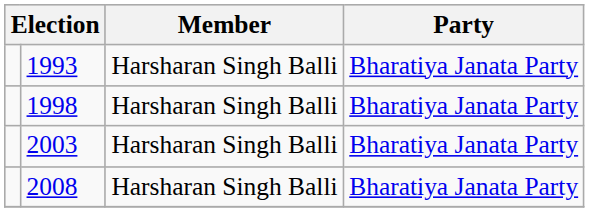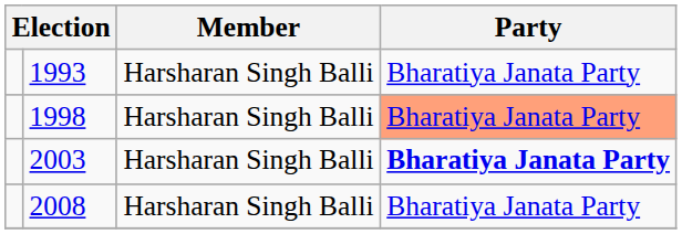 <table class="wikitable">
 <tr>
 <th colspan=2>Election</th>
 <th>Member</th>
 <th>Party</th>
 </tr>
 <tr>
 <td style="background-color: "></td>
 <td><a href='#'>1993</a></td>
 <td>Harsharan Singh Balli</td>
 <td><a href='#'>Bharatiya Janata Party</a></td>
 </tr>
 <tr>
 <td style="background-color: "></td>
 <td><a href='#'>1998</a></td>
 <td>Harsharan Singh Balli</td>
-<td><a href='#'>Bharatiya Janata Party</a></td>
+<td style="background: lightsalmon;"><a href='#'>Bharatiya Janata Party</a></td>
 </tr>
 <tr>
 <td style="background-color: "></td>
 <td><a href='#'>2003</a></td>
 <td>Harsharan Singh Balli</td>
-<td><a href='#'>Bharatiya Janata Party</a></td>
+<td><strong><a href='#'>Bharatiya Janata Party</a></strong></td>
 </tr>
 <tr>
 <td style="background-color: "></td>
 <td><a href='#'>2008</a></td>
 <td>Harsharan Singh Balli</td>
 <td><a href='#'>Bharatiya Janata Party</a></td>
 </tr>
 <tr>
 </tr>
 </table>
